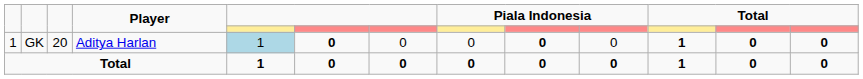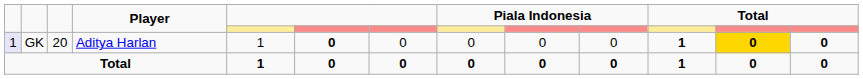 <table class="wikitable" style="font-size: 90%; text-align: center;">
 <tr>
 <td rowspan="2"  style="width:2%;"><strong></strong></td>
 <td rowspan="2"  style="width:3%;"><strong></strong></td>
 <td rowspan="2"  style="width:3%;"><strong></strong></td>
 <td rowspan="2"  style="width:18%;"><strong>Player</strong></td>
 <td colspan="3"><strong></strong></td>
 <td colspan="3"><strong>Piala Indonesia</strong></td>
 <td colspan="3"><strong>Total</strong></td>
 </tr>
 <tr>
 <th style="width:25px; background:#fe9;"></th>
 <th style="width:28px; background:#ff8888;"></th>
 <th style="width:25px; background:#ff8888;"></th>
 <th style="width:25px; background:#fe9;"></th>
 <th style="width:28px; background:#ff8888;"></th>
 <th style="width:25px; background:#ff8888;"></th>
 <th style="width:25px; background:#fe9;"></th>
 <th style="width:28px; background:#ff8888;"></th>
 <th style="width:25px; background:#ff8888;"></th>
 </tr>
 <tr>
-<td>1</td>
+<td style="background: lavender;">1</td>
 <td>GK</td>
 <td>20</td>
 <td align=left> <a href='#'>Aditya Harlan</a></td>
-<td style="background: lightblue;">1</td>
+<td>1</td>
 <td><strong>0</strong></td>
 <td>0</td>
 <td>0</td>
-<td><strong>0</strong></td>
+<td>0</td>
 <td>0</td>
 <td><strong>1</strong></td>
-<td><strong>0</strong></td>
+<td style="background: gold;"><strong>0</strong></td>
 <td><strong>0</strong></td>
 </tr>
 <tr>
 <td colspan="4"><strong>Total</strong></td>
 <td><strong>1</strong></td>
 <td><strong>0</strong></td>
 <td><strong>0</strong></td>
 <td><strong>0</strong></td>
 <td><strong>0</strong></td>
 <td><strong>0</strong></td>
 <td><strong>1</strong></td>
 <td><strong>0</strong></td>
 <td><strong>0</strong></td>
 </tr>
 </table>
